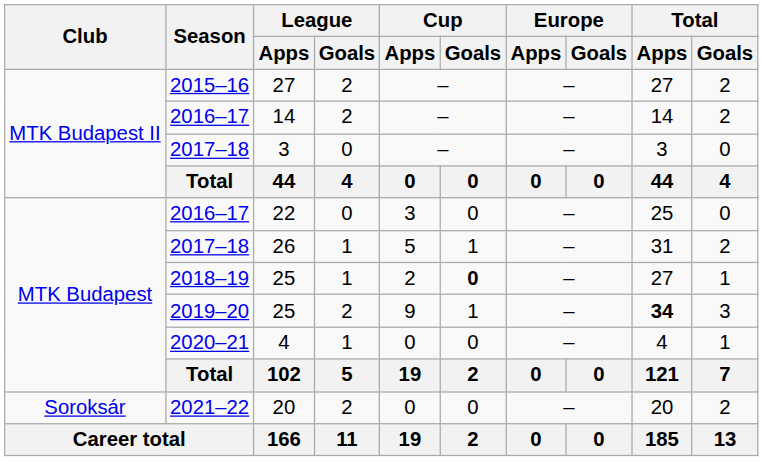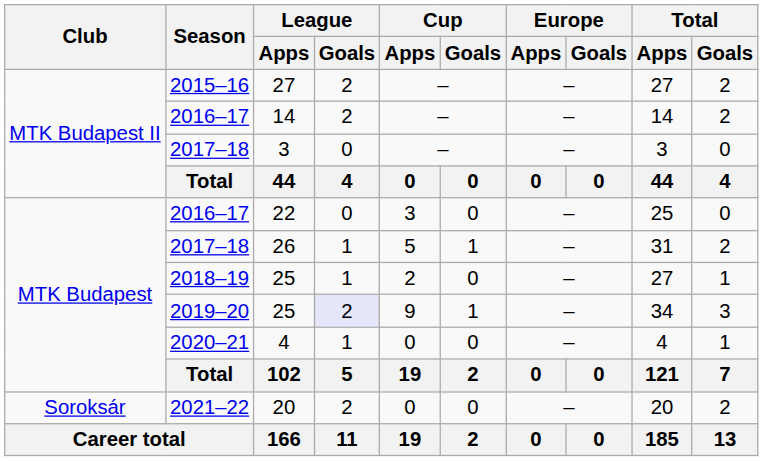 <table class="wikitable" style="text-align:center">
 <tr>
 <th rowspan="2">Club</th>
 <th rowspan="2">Season</th>
 <th colspan="2">League</th>
 <th colspan="2">Cup</th>
 <th colspan="2">Europe</th>
 <th colspan="2">Total</th>
 </tr>
 <tr>
 <th>Apps</th>
 <th>Goals</th>
 <th>Apps</th>
 <th>Goals</th>
 <th>Apps</th>
 <th>Goals</th>
 <th>Apps</th>
 <th>Goals</th>
 </tr>
 <tr>
 <td rowspan="4"><a href='#'>MTK Budapest II</a></td>
 <td><a href='#'>2015–16</a></td>
 <td>27</td>
 <td>2</td>
 <td colspan="2">–</td>
 <td colspan="2">–</td>
 <td>27</td>
 <td>2</td>
 </tr>
 <tr>
 <td><a href='#'>2016–17</a></td>
 <td>14</td>
 <td>2</td>
 <td colspan="2">–</td>
 <td colspan="2">–</td>
 <td>14</td>
 <td>2</td>
 </tr>
 <tr>
 <td><a href='#'>2017–18</a></td>
 <td>3</td>
 <td>0</td>
 <td colspan="2">–</td>
 <td colspan="2">–</td>
 <td>3</td>
 <td>0</td>
 </tr>
 <tr>
 <th>Total</th>
 <th>44</th>
 <th>4</th>
 <th>0</th>
 <th>0</th>
 <th>0</th>
 <th>0</th>
 <th>44</th>
 <th>4</th>
 </tr>
 <tr>
 <td rowspan="6"><a href='#'>MTK Budapest</a></td>
 <td><a href='#'>2016–17</a></td>
 <td>22</td>
 <td>0</td>
 <td>3</td>
 <td>0</td>
 <td colspan="2">–</td>
 <td>25</td>
 <td>0</td>
 </tr>
 <tr>
 <td><a href='#'>2017–18</a></td>
 <td>26</td>
 <td>1</td>
 <td>5</td>
 <td>1</td>
 <td colspan="2">–</td>
 <td>31</td>
 <td>2</td>
 </tr>
 <tr>
 <td><a href='#'>2018–19</a></td>
 <td>25</td>
 <td>1</td>
 <td>2</td>
-<td><strong>0</strong></td>
+<td>0</td>
 <td colspan="2">–</td>
 <td>27</td>
 <td>1</td>
 </tr>
 <tr>
 <td><a href='#'>2019–20</a></td>
 <td>25</td>
-<td>2</td>
+<td style="background: lavender;">2</td>
 <td>9</td>
 <td>1</td>
 <td colspan="2">–</td>
-<td><strong>34</strong></td>
+<td>34</td>
 <td>3</td>
 </tr>
 <tr>
 <td><a href='#'>2020–21</a></td>
 <td>4</td>
 <td>1</td>
 <td>0</td>
 <td>0</td>
 <td colspan="2">–</td>
 <td>4</td>
 <td>1</td>
 </tr>
 <tr>
 <th>Total</th>
 <th>102</th>
 <th>5</th>
 <th>19</th>
 <th>2</th>
 <th>0</th>
 <th>0</th>
 <th>121</th>
 <th>7</th>
 </tr>
 <tr>
 <td><a href='#'>Soroksár</a></td>
 <td><a href='#'>2021–22</a></td>
 <td>20</td>
 <td>2</td>
 <td>0</td>
 <td>0</td>
 <td colspan="2">–</td>
 <td>20</td>
 <td>2</td>
 </tr>
 <tr>
 <th colspan="2">Career total</th>
 <th>166</th>
 <th>11</th>
 <th>19</th>
 <th>2</th>
 <th>0</th>
 <th>0</th>
 <th>185</th>
 <th>13</th>
 </tr>
 </table>
